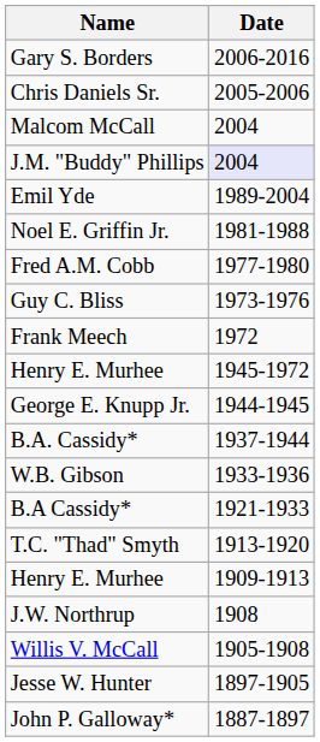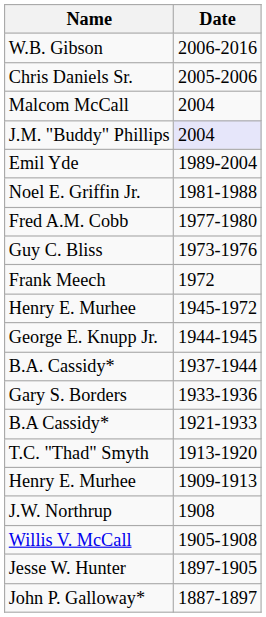 <table class="wikitable">
 <tr>
 <th>Name</th>
 <th>Date</th>
 </tr>
 <tr>
-<td>Gary S. Borders</td>
+<td>W.B. Gibson</td>
 <td>2006-2016</td>
 </tr>
 <tr>
 <td>Chris Daniels Sr.</td>
 <td>2005-2006</td>
 </tr>
 <tr>
 <td>Malcom McCall</td>
 <td>2004</td>
 </tr>
 <tr>
 <td>J.M. "Buddy" Phillips</td>
 <td style="background: lavender;">2004</td>
 </tr>
 <tr>
 <td>Emil Yde</td>
 <td>1989-2004</td>
 </tr>
 <tr>
 <td>Noel E. Griffin Jr.</td>
 <td>1981-1988</td>
 </tr>
 <tr>
 <td>Fred A.M. Cobb</td>
 <td>1977-1980</td>
 </tr>
 <tr>
 <td>Guy C. Bliss</td>
 <td>1973-1976</td>
 </tr>
 <tr>
 <td>Frank Meech</td>
 <td>1972</td>
 </tr>
 <tr>
 <td>Henry E. Murhee</td>
 <td>1945-1972</td>
 </tr>
 <tr>
 <td>George E. Knupp Jr.</td>
 <td>1944-1945</td>
 </tr>
 <tr>
 <td>B.A. Cassidy*</td>
 <td>1937-1944</td>
 </tr>
 <tr>
-<td>W.B. Gibson</td>
+<td>Gary S. Borders</td>
 <td>1933-1936</td>
 </tr>
 <tr>
 <td>B.A Cassidy*</td>
 <td>1921-1933</td>
 </tr>
 <tr>
 <td>T.C. "Thad" Smyth</td>
 <td>1913-1920</td>
 </tr>
 <tr>
 <td>Henry E. Murhee</td>
 <td>1909-1913</td>
 </tr>
 <tr>
 <td>J.W. Northrup</td>
 <td>1908</td>
 </tr>
 <tr>
 <td><a href='#'>Willis V. McCall</a></td>
 <td>1905-1908</td>
 </tr>
 <tr>
 <td>Jesse W. Hunter</td>
 <td>1897-1905</td>
 </tr>
 <tr>
 <td>John P. Galloway*</td>
 <td>1887-1897</td>
 </tr>
 </table>
